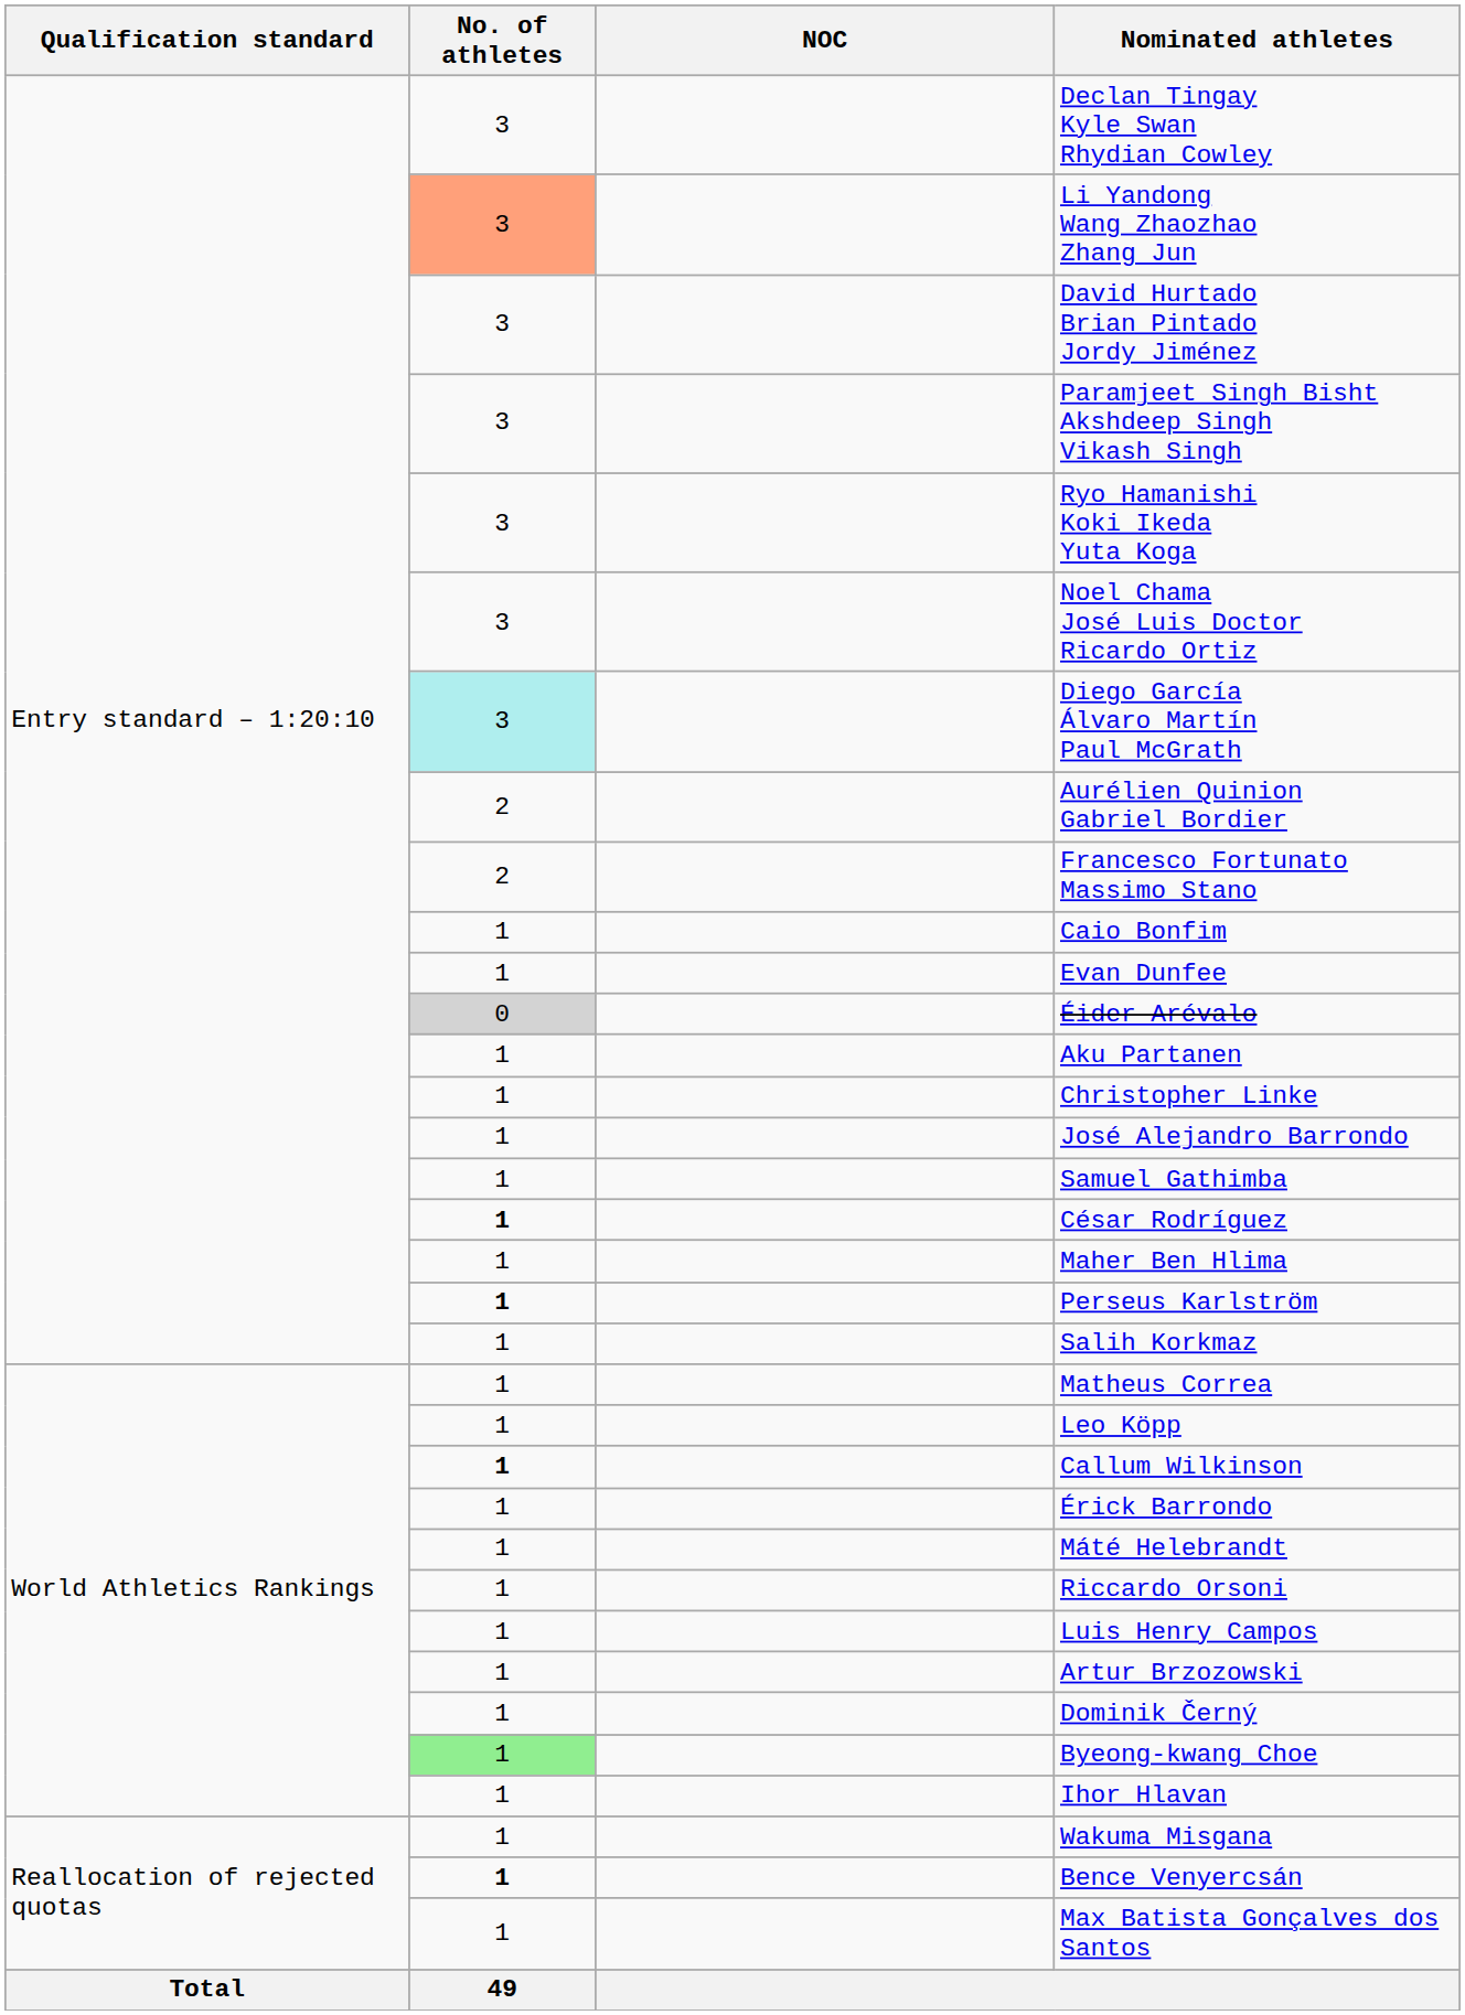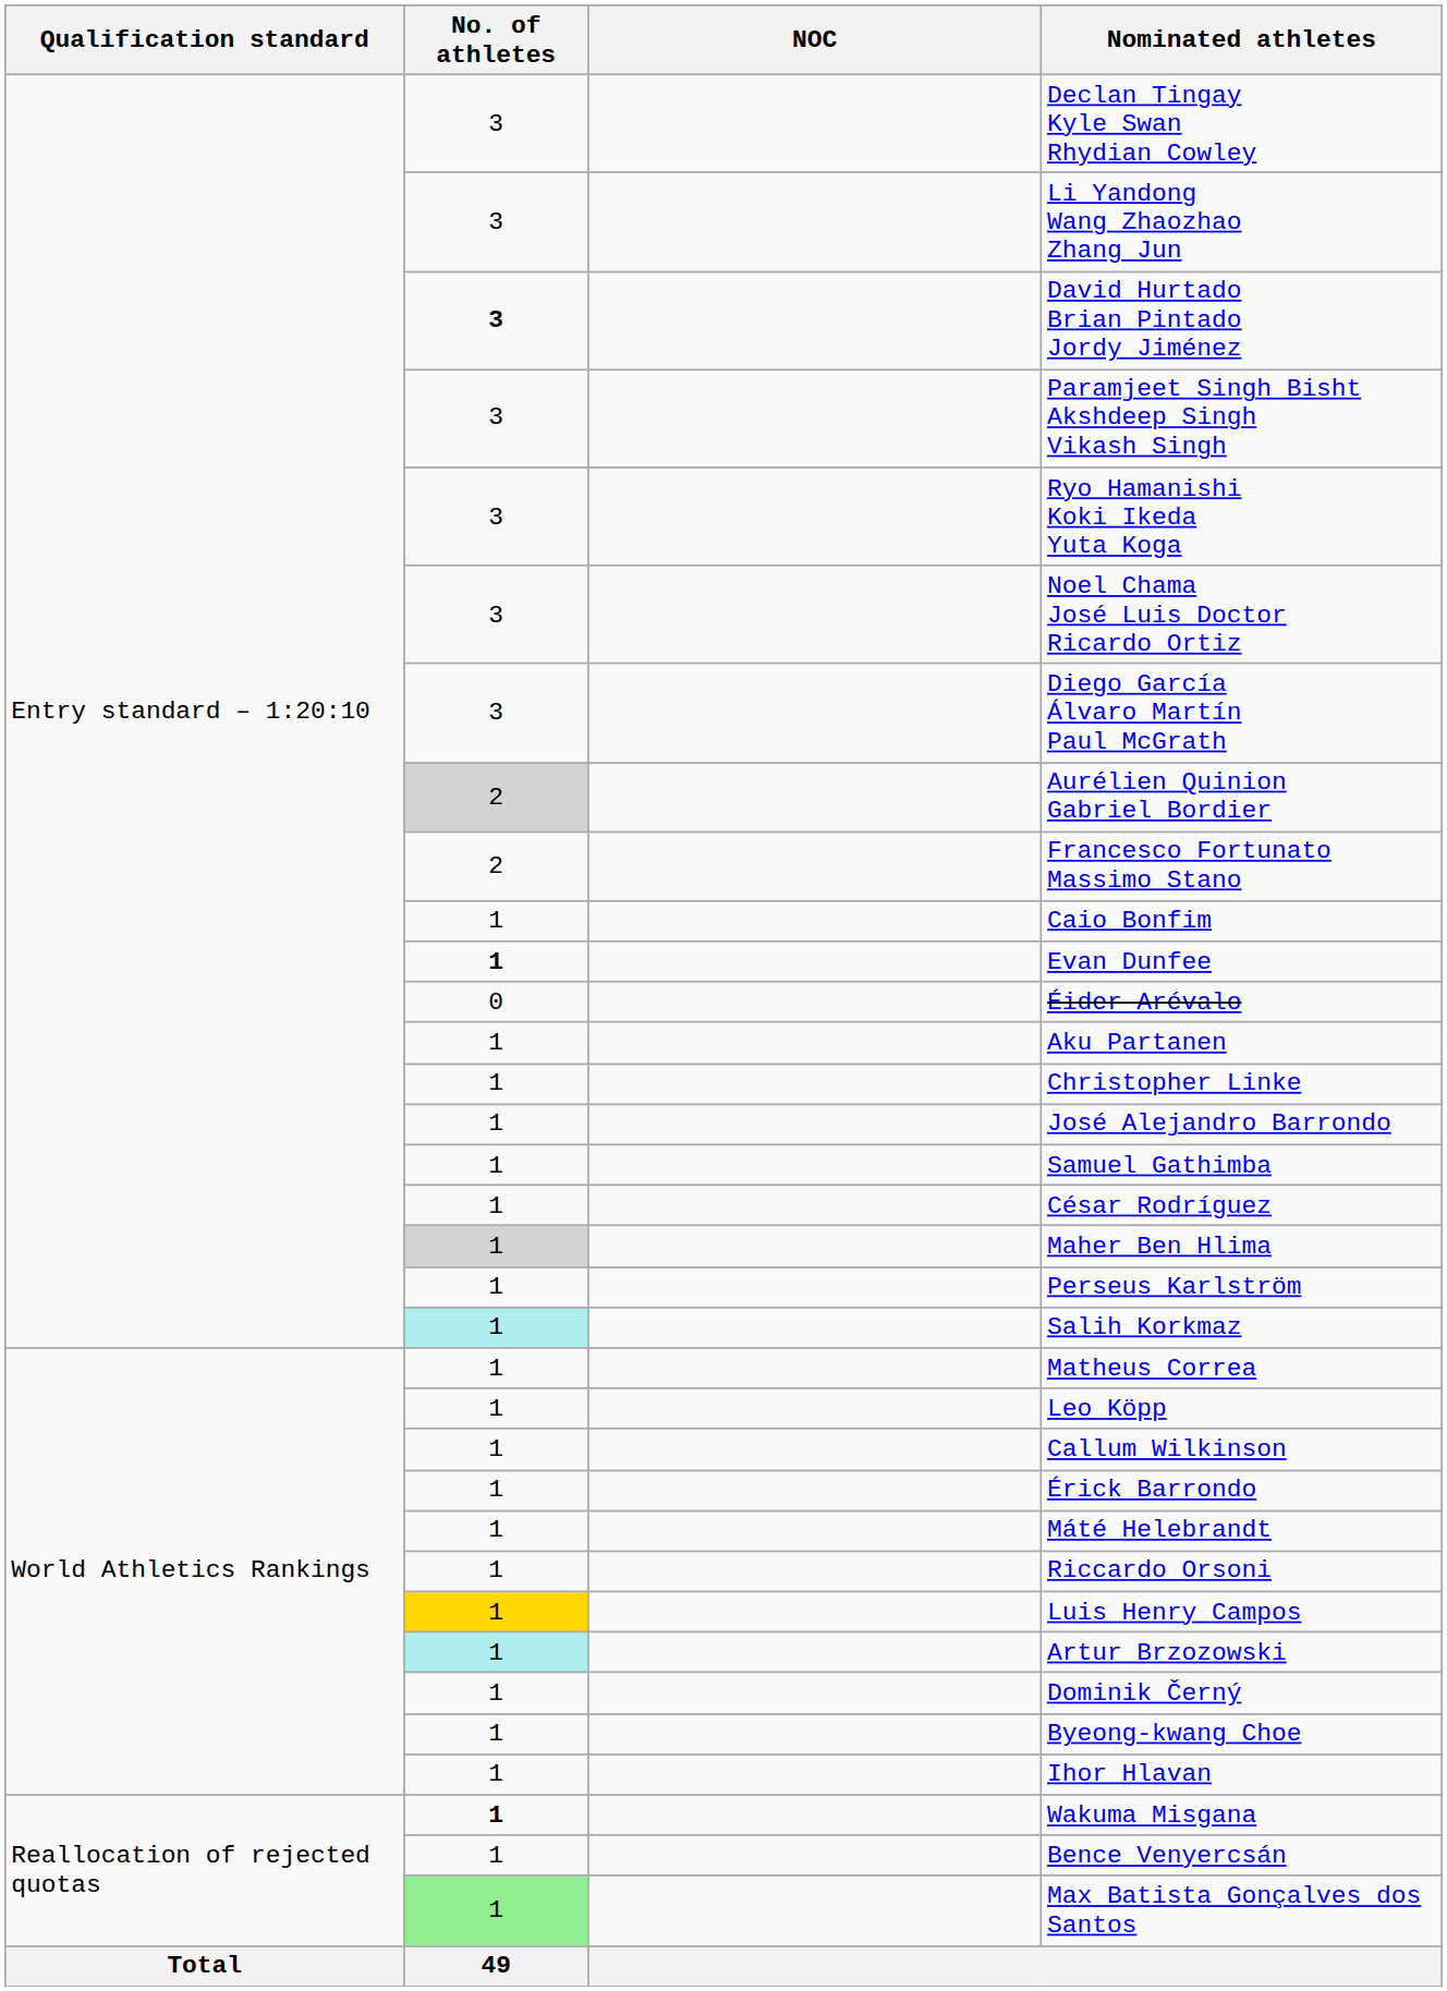 <table class="wikitable sortable" style="text-align:left; width:750px;">
 <tr>
 <th>Qualification standard</th>
 <th width=90>No. of athletes</th>
 <th width=230>NOC</th>
 <th>Nominated athletes</th>
 </tr>
 <tr>
 <td rowspan="20">Entry standard – 1:20:10</td>
 <td align=center>3</td>
 <td></td>
 <td><a href='#'>Declan Tingay</a><br><a href='#'>Kyle Swan</a><br><a href='#'>Rhydian Cowley</a></td>
 </tr>
 <tr>
-<td align=center style="background: lightsalmon;">3</td>
+<td align=center>3</td>
 <td></td>
 <td><a href='#'>Li Yandong</a><br><a href='#'>Wang Zhaozhao</a><br><a href='#'>Zhang Jun</a></td>
 </tr>
 <tr>
-<td align=center>3</td>
+<td align=center><strong>3</strong></td>
 <td></td>
 <td><a href='#'>David Hurtado</a><br><a href='#'>Brian Pintado</a><br><a href='#'>Jordy Jiménez</a></td>
 </tr>
 <tr>
 <td align=center>3</td>
 <td></td>
 <td><a href='#'>Paramjeet Singh Bisht</a><br><a href='#'>Akshdeep Singh</a><br><a href='#'>Vikash Singh</a></td>
 </tr>
 <tr>
 <td align=center>3</td>
 <td></td>
 <td><a href='#'>Ryo Hamanishi</a><br><a href='#'>Koki Ikeda</a><br><a href='#'>Yuta Koga</a></td>
 </tr>
 <tr>
 <td align=center>3</td>
 <td></td>
 <td><a href='#'>Noel Chama</a><br><a href='#'>José Luis Doctor</a><br><a href='#'>Ricardo Ortiz</a></td>
 </tr>
 <tr>
-<td align=center style="background: paleturquoise;">3</td>
+<td align=center>3</td>
 <td></td>
 <td><a href='#'>Diego García</a><br><a href='#'>Álvaro Martín</a><br><a href='#'>Paul McGrath</a></td>
 </tr>
 <tr>
-<td align=center>2</td>
+<td align=center style="background: lightgrey;">2</td>
 <td></td>
 <td><a href='#'>Aurélien Quinion</a><br><a href='#'>Gabriel Bordier</a></td>
 </tr>
 <tr>
 <td align=center>2</td>
 <td></td>
 <td><a href='#'>Francesco Fortunato</a><br><a href='#'>Massimo Stano</a></td>
 </tr>
 <tr>
 <td align=center>1</td>
 <td></td>
 <td><a href='#'>Caio Bonfim</a></td>
 </tr>
 <tr>
-<td align=center>1</td>
+<td align=center><strong>1</strong></td>
 <td></td>
 <td><a href='#'>Evan Dunfee</a></td>
 </tr>
 <tr>
-<td align=center style="background: lightgrey;">0</td>
+<td align=center>0</td>
 <td><s></s></td>
 <td><s><a href='#'>Éider Arévalo</a></s></td>
 </tr>
 <tr>
 <td align=center>1</td>
 <td></td>
 <td><a href='#'>Aku Partanen</a></td>
 </tr>
 <tr>
 <td align=center>1</td>
 <td></td>
 <td><a href='#'>Christopher Linke</a></td>
 </tr>
 <tr>
 <td align=center>1</td>
 <td></td>
 <td><a href='#'>José Alejandro Barrondo</a></td>
 </tr>
 <tr>
 <td align=center>1</td>
 <td></td>
 <td><a href='#'>Samuel Gathimba</a></td>
 </tr>
 <tr>
-<td align=center><strong>1</strong></td>
+<td align=center>1</td>
 <td></td>
 <td><a href='#'>César Rodríguez</a></td>
 </tr>
 <tr>
-<td align=center>1</td>
+<td align=center style="background: lightgrey;">1</td>
 <td></td>
 <td><a href='#'>Maher Ben Hlima</a></td>
 </tr>
 <tr>
-<td align=center><strong>1</strong></td>
+<td align=center>1</td>
 <td></td>
 <td><a href='#'>Perseus Karlström</a></td>
 </tr>
 <tr>
-<td align=center>1</td>
+<td align=center style="background: paleturquoise;">1</td>
 <td></td>
 <td><a href='#'>Salih Korkmaz</a></td>
 </tr>
 <tr>
 <td rowspan=11>World Athletics Rankings</td>
 <td align=center>1</td>
 <td></td>
 <td><a href='#'>Matheus Correa</a></td>
 </tr>
 <tr>
 <td align=center>1</td>
 <td></td>
 <td><a href='#'>Leo Köpp</a></td>
 </tr>
 <tr>
-<td align=center><strong>1</strong></td>
+<td align=center>1</td>
 <td></td>
 <td><a href='#'>Callum Wilkinson</a></td>
 </tr>
 <tr>
 <td align=center>1</td>
 <td></td>
 <td><a href='#'>Érick Barrondo</a></td>
 </tr>
 <tr>
 <td align=center>1</td>
 <td></td>
 <td><a href='#'>Máté Helebrandt</a></td>
 </tr>
 <tr>
 <td align=center>1</td>
 <td></td>
 <td><a href='#'>Riccardo Orsoni</a></td>
 </tr>
 <tr>
-<td align=center>1</td>
+<td align=center style="background: gold;">1</td>
 <td></td>
 <td><a href='#'>Luis Henry Campos</a></td>
 </tr>
 <tr>
-<td align=center>1</td>
+<td align=center style="background: paleturquoise;">1</td>
 <td></td>
 <td><a href='#'>Artur Brzozowski</a></td>
 </tr>
 <tr>
 <td align=center>1</td>
 <td></td>
 <td><a href='#'>Dominik Černý</a></td>
 </tr>
 <tr>
-<td align=center style="background: lightgreen;">1</td>
+<td align=center>1</td>
 <td></td>
 <td><a href='#'>Byeong-kwang Choe</a></td>
 </tr>
 <tr>
 <td align=center>1</td>
 <td></td>
 <td><a href='#'>Ihor Hlavan</a></td>
 </tr>
 <tr>
 <td rowspan=3>Reallocation of rejected quotas</td>
-<td align=center>1</td>
+<td align=center><strong>1</strong></td>
 <td></td>
 <td><a href='#'>Wakuma Misgana</a></td>
 </tr>
 <tr>
-<td align=center><strong>1</strong></td>
+<td align=center>1</td>
 <td></td>
 <td><a href='#'>Bence Venyercsán</a></td>
 </tr>
 <tr>
-<td align=center>1</td>
+<td align=center style="background: lightgreen;">1</td>
 <td></td>
 <td><a href='#'>Max Batista Gonçalves dos Santos</a></td>
 </tr>
 <tr>
 <th>Total</th>
 <th>49</th>
 <th colspan=2></th>
 </tr>
 </table>
